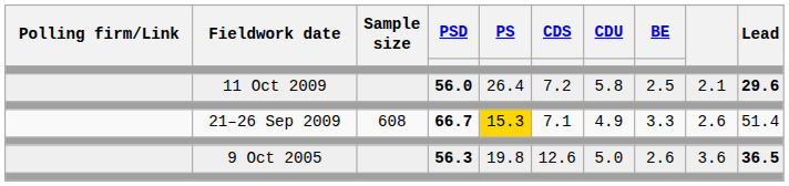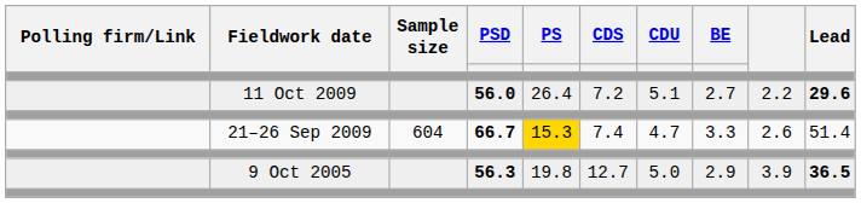 <table class="wikitable collapsible sortable" style="text-align:center; font-size:95%; line-height:16px;">
 <tr style="height:42px;">
 <th style="width:145px;" rowspan="2">Polling firm/Link</th>
 <th style="width:125px;" rowspan="2">Fieldwork date</th>
 <th class="unsortable" style="width:50px;" rowspan="2">Sample size</th>
 <th class="unsortable" style="width:35px;"><a href='#'>PSD</a></th>
 <th class="unsortable" style="width:35px;"><a href='#'>PS</a></th>
 <th class="unsortable" style="width:35px;"><a href='#'>CDS</a></th>
 <th class="unsortable" style="width:35px;"><a href='#'>CDU</a></th>
 <th class="unsortable" style="width:35px;"><a href='#'>BE</a></th>
 <th class="unsortable" style="width:35px;" rowspan="2"></th>
 <th class="unsortable" style="width:30px;" rowspan="2">Lead</th>
 </tr>
 <tr>
 <th class="unsortable" style="color:inherit;background:"></th>
 <th class="unsortable" style="color:inherit;background:"></th>
 <th class="unsortable" style="color:inherit;background:"></th>
 <th class="unsortable" style="color:inherit;background:"></th>
 <th class="unsortable" style="color:inherit;background:"></th>
 </tr>
 <tr>
 <td colspan="13" style="background:#A0A0A0"></td>
 </tr>
 <tr style="background:#EFEFEF;">
 <td><strong></strong></td>
 <td data-sort-value="2019-10-06">11 Oct 2009</td>
 <td></td>
 <td><strong>56.0</strong><br></td>
 <td>26.4<br></td>
 <td>7.2<br></td>
-<td>5.8<br></td>
-<td>2.5<br></td>
-<td>2.1</td>
+<td>5.1<br></td>
+<td>2.7<br></td>
+<td>2.2</td>
 <td style="background:"><strong>29.6</strong></td>
 </tr>
 <tr>
 <td colspan="13" style="background:#A0A0A0"></td>
 </tr>
 <tr>
 <td align="center"></td>
 <td align="center">21–26 Sep 2009</td>
-<td>608</td>
+<td>604</td>
 <td align="center" ><strong>66.7</strong><br></td>
 <td align="center" style="background: gold;">15.3<br></td>
-<td align="center">7.1<br></td>
-<td align="center">4.9<br></td>
+<td align="center">7.4<br></td>
+<td align="center">4.7<br></td>
 <td align="center">3.3<br></td>
 <td align="center">2.6</td>
 <td style="background:">51.4</td>
 </tr>
 <tr>
 <td colspan="13" style="background:#A0A0A0"></td>
 </tr>
 <tr style="background:#EFEFEF;">
 <td><strong></strong></td>
 <td data-sort-value="2019-10-06">9 Oct 2005</td>
 <td></td>
 <td><strong>56.3</strong><br></td>
 <td>19.8<br></td>
-<td>12.6<br></td>
+<td>12.7<br></td>
 <td>5.0<br></td>
-<td>2.6<br></td>
-<td>3.6</td>
+<td>2.9<br></td>
+<td>3.9</td>
 <td style="background:"><strong>36.5</strong></td>
 </tr>
 <tr>
 <td colspan="13" style="background:#A0A0A0"></td>
 </tr>
 <tr>
 </tr>
 </table>
